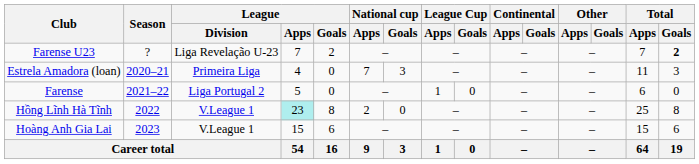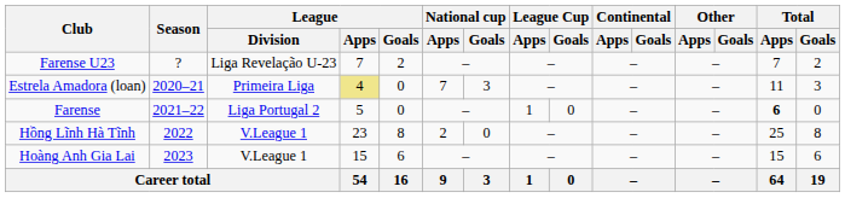 <table class=wikitable style="text-align:center">
 <tr>
 <th rowspan="2">Club</th>
 <th rowspan="2">Season</th>
 <th colspan="3">League</th>
 <th colspan="2">National cup</th>
 <th colspan="2">League Cup</th>
 <th colspan="2">Continental</th>
 <th colspan="2">Other</th>
 <th colspan="2">Total</th>
 </tr>
 <tr>
 <th>Division</th>
 <th>Apps</th>
 <th>Goals</th>
 <th>Apps</th>
 <th>Goals</th>
 <th>Apps</th>
 <th>Goals</th>
 <th>Apps</th>
 <th>Goals</th>
 <th>Apps</th>
 <th>Goals</th>
 <th>Apps</th>
 <th>Goals</th>
 </tr>
 <tr>
 <td><a href='#'>Farense U23</a></td>
 <td>?</td>
 <td>Liga Revelação U-23</td>
 <td>7</td>
 <td>2</td>
 <td colspan="2">–</td>
 <td colspan="2">–</td>
 <td colspan="2">–</td>
 <td colspan="2">–</td>
 <td>7</td>
-<td><strong>2</strong></td>
+<td>2</td>
 </tr>
 <tr>
 <td><a href='#'>Estrela Amadora</a> (loan)</td>
 <td><a href='#'>2020–21</a></td>
 <td><a href='#'>Primeira Liga</a></td>
-<td>4</td>
+<td style="background: khaki;">4</td>
 <td>0</td>
 <td>7</td>
 <td>3</td>
 <td colspan="2">–</td>
 <td colspan="2">–</td>
 <td colspan="2">–</td>
 <td>11</td>
 <td>3</td>
 </tr>
 <tr>
 <td><a href='#'>Farense</a></td>
 <td><a href='#'>2021–22</a></td>
 <td><a href='#'>Liga Portugal 2</a></td>
 <td>5</td>
 <td>0</td>
 <td colspan="2">–</td>
 <td>1</td>
 <td>0</td>
 <td colspan="2">–</td>
 <td colspan="2">–</td>
-<td>6</td>
+<td><strong>6</strong></td>
 <td>0</td>
 </tr>
 <tr>
 <td><a href='#'>Hồng Lĩnh Hà Tĩnh</a></td>
 <td><a href='#'>2022</a></td>
 <td><a href='#'>V.League 1</a></td>
-<td style="background: paleturquoise;">23</td>
+<td>23</td>
 <td>8</td>
 <td>2</td>
 <td>0</td>
 <td colspan="2">–</td>
 <td colspan="2">–</td>
 <td colspan="2">–</td>
 <td>25</td>
 <td>8</td>
 </tr>
 <tr>
 <td><a href='#'>Hoàng Anh Gia Lai</a></td>
 <td><a href='#'>2023</a></td>
 <td>V.League 1</td>
 <td>15</td>
 <td>6</td>
 <td colspan="2">–</td>
 <td colspan="2">–</td>
 <td colspan="2">–</td>
 <td colspan="2">–</td>
 <td>15</td>
 <td>6</td>
 </tr>
 <tr>
 <th colspan="3">Career total</th>
 <th>54</th>
 <th>16</th>
 <th>9</th>
 <th>3</th>
 <th>1</th>
 <th>0</th>
 <th colspan="2">–</th>
 <th colspan="2">–</th>
 <th>64</th>
 <th>19</th>
 </tr>
 </table>
